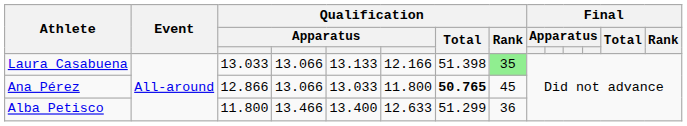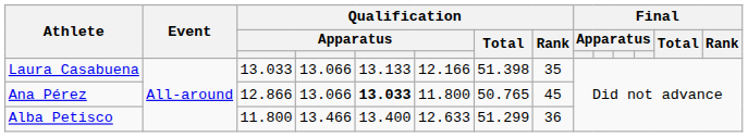 <table class="wikitable" style="font-size:90%">
 <tr>
 <th rowspan=3>Athlete</th>
 <th rowspan=3>Event</th>
 <th colspan=6>Qualification</th>
 <th colspan=6>Final</th>
 </tr>
 <tr style="font-size:95%">
 <th colspan=4>Apparatus</th>
 <th rowspan=2>Total</th>
 <th rowspan=2>Rank</th>
 <th colspan=4>Apparatus</th>
 <th rowspan=2>Total</th>
 <th rowspan=2>Rank</th>
 </tr>
 <tr style="font-size:95%">
 <th></th>
 <th></th>
 <th></th>
 <th></th>
 <th></th>
 <th></th>
 <th></th>
 <th></th>
 </tr>
 <tr align=center>
 <td align=left><a href='#'>Laura Casabuena</a></td>
 <td rowspan="3" align="left"><a href='#'>All-around</a></td>
 <td>13.033</td>
 <td>13.066</td>
 <td>13.133</td>
 <td>12.166</td>
 <td>51.398</td>
-<td style="background: lightgreen;">35</td>
+<td>35</td>
 <td colspan=6 rowspan=3>Did not advance</td>
 </tr>
 <tr align=center>
 <td align=left><a href='#'>Ana Pérez</a></td>
 <td>12.866</td>
 <td>13.066</td>
-<td>13.033</td>
+<td><strong>13.033</strong></td>
 <td>11.800</td>
-<td><strong>50.765</strong></td>
+<td>50.765</td>
 <td>45</td>
 </tr>
 <tr align=center>
 <td align=left><a href='#'>Alba Petisco</a></td>
 <td>11.800</td>
 <td>13.466</td>
 <td>13.400</td>
 <td>12.633</td>
 <td>51.299</td>
 <td>36</td>
 </tr>
 </table>
